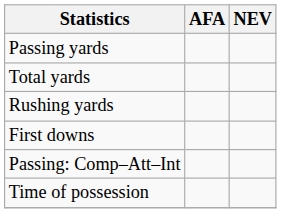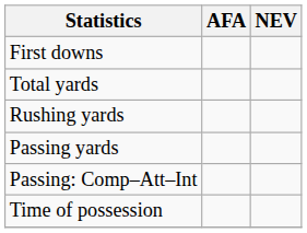 <table class="wikitable" style="float: left;">
 <tr>
 <th>Statistics</th>
 <th>AFA</th>
 <th>NEV</th>
 </tr>
 <tr>
-<td>Passing yards</td>
+<td>First downs</td>
 <td></td>
 <td></td>
 </tr>
 <tr>
 <td>Total yards</td>
 <td></td>
 <td></td>
 </tr>
 <tr>
 <td>Rushing yards</td>
 <td></td>
 <td></td>
 </tr>
 <tr>
-<td>First downs</td>
+<td>Passing yards</td>
 <td></td>
 <td></td>
 </tr>
 <tr>
 <td>Passing: Comp–Att–Int</td>
 <td></td>
 <td></td>
 </tr>
 <tr>
 <td>Time of possession</td>
 <td></td>
 <td></td>
 </tr>
 <tr>
 </tr>
 </table>
